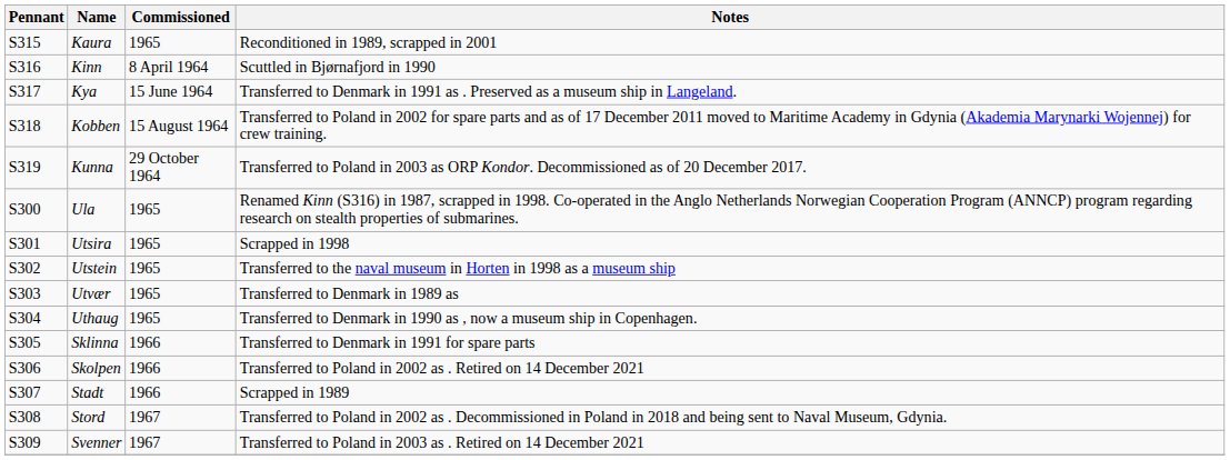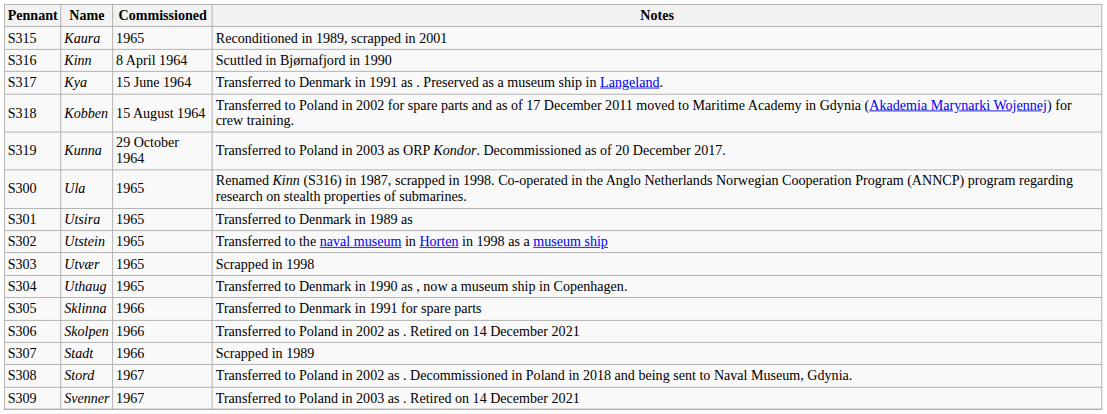 <table class="wikitable">
 <tr>
 <th>Pennant</th>
 <th>Name</th>
 <th>Commissioned</th>
 <th>Notes</th>
 </tr>
 <tr>
 <td>S315</td>
 <td><em>Kaura</em></td>
 <td>1965</td>
 <td>Reconditioned in 1989, scrapped in 2001</td>
 </tr>
 <tr>
 <td>S316</td>
 <td><em>Kinn</em></td>
 <td>8 April 1964</td>
 <td>Scuttled in Bjørnafjord in 1990</td>
 </tr>
 <tr>
 <td>S317</td>
 <td><em>Kya</em></td>
 <td>15 June 1964</td>
 <td>Transferred to Denmark in 1991 as . Preserved as a museum ship in <a href='#'>Langeland</a>.</td>
 </tr>
 <tr>
 <td>S318</td>
 <td><em>Kobben</em></td>
 <td>15 August 1964</td>
 <td>Transferred to Poland in 2002 for spare parts and as of 17 December 2011 moved to Maritime Academy in Gdynia (<a href='#'>Akademia Marynarki Wojennej</a>) for crew training.</td>
 </tr>
 <tr>
 <td>S319</td>
 <td><em>Kunna</em></td>
 <td>29 October 1964</td>
 <td>Transferred to Poland in 2003 as ORP <em>Kondor</em>. Decommissioned as of 20 December 2017.</td>
 </tr>
 <tr>
 <td>S300</td>
 <td><em>Ula</em></td>
 <td>1965</td>
 <td>Renamed <em>Kinn</em> (S316) in 1987, scrapped in 1998. Co-operated in the Anglo Netherlands Norwegian Cooperation Program (ANNCP) program regarding research on stealth properties of submarines.</td>
 </tr>
 <tr>
 <td>S301</td>
 <td><em>Utsira</em></td>
 <td>1965</td>
-<td>Scrapped in 1998</td>
+<td>Transferred to Denmark in 1989 as </td>
 </tr>
 <tr>
 <td>S302</td>
 <td><em>Utstein</em></td>
 <td>1965</td>
 <td>Transferred to the <a href='#'>naval museum</a> in <a href='#'>Horten</a> in 1998 as a <a href='#'>museum ship</a></td>
 </tr>
 <tr>
 <td>S303</td>
 <td><em>Utvær</em></td>
 <td>1965</td>
-<td>Transferred to Denmark in 1989 as </td>
+<td>Scrapped in 1998</td>
 </tr>
 <tr>
 <td>S304</td>
 <td><em>Uthaug</em></td>
 <td>1965</td>
 <td>Transferred to Denmark in 1990 as , now a museum ship in Copenhagen.</td>
 </tr>
 <tr>
 <td>S305</td>
 <td><em>Sklinna</em></td>
 <td>1966</td>
 <td>Transferred to Denmark in 1991 for spare parts</td>
 </tr>
 <tr>
 <td>S306</td>
 <td><em>Skolpen</em></td>
 <td>1966</td>
 <td>Transferred to Poland in 2002 as . Retired on 14 December 2021</td>
 </tr>
 <tr>
 <td>S307</td>
 <td><em>Stadt</em></td>
 <td>1966</td>
 <td>Scrapped in 1989</td>
 </tr>
 <tr>
 <td>S308</td>
 <td><em>Stord</em></td>
 <td>1967</td>
 <td>Transferred to Poland in 2002 as . Decommissioned in Poland in 2018 and being sent to Naval Museum, Gdynia.</td>
 </tr>
 <tr>
 <td>S309</td>
 <td><em>Svenner</em></td>
 <td>1967</td>
 <td>Transferred to Poland in 2003 as . Retired on 14 December 2021</td>
 </tr>
 <tr>
 </tr>
 </table>
